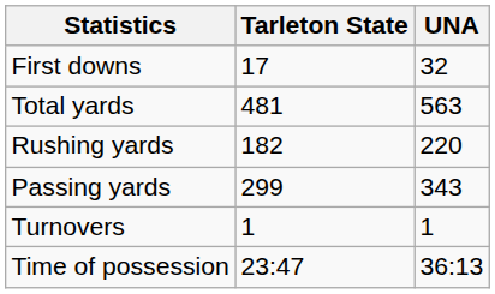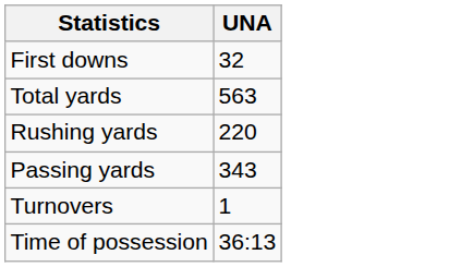 <table class="wikitable" style="float: left;">
 <tr>
 <th>Statistics</th>
-<th>Tarleton State</th>
 <th>UNA</th>
 </tr>
 <tr>
 <td>First downs</td>
-<td>17</td>
 <td>32</td>
 </tr>
 <tr>
 <td>Total yards</td>
-<td>481</td>
 <td>563</td>
 </tr>
 <tr>
 <td>Rushing yards</td>
-<td>182</td>
 <td>220</td>
 </tr>
 <tr>
 <td>Passing yards</td>
-<td>299</td>
 <td>343</td>
 </tr>
 <tr>
 <td>Turnovers</td>
 <td>1</td>
-<td>1</td>
 </tr>
 <tr>
 <td>Time of possession</td>
-<td>23:47</td>
 <td>36:13</td>
 </tr>
 </table>
